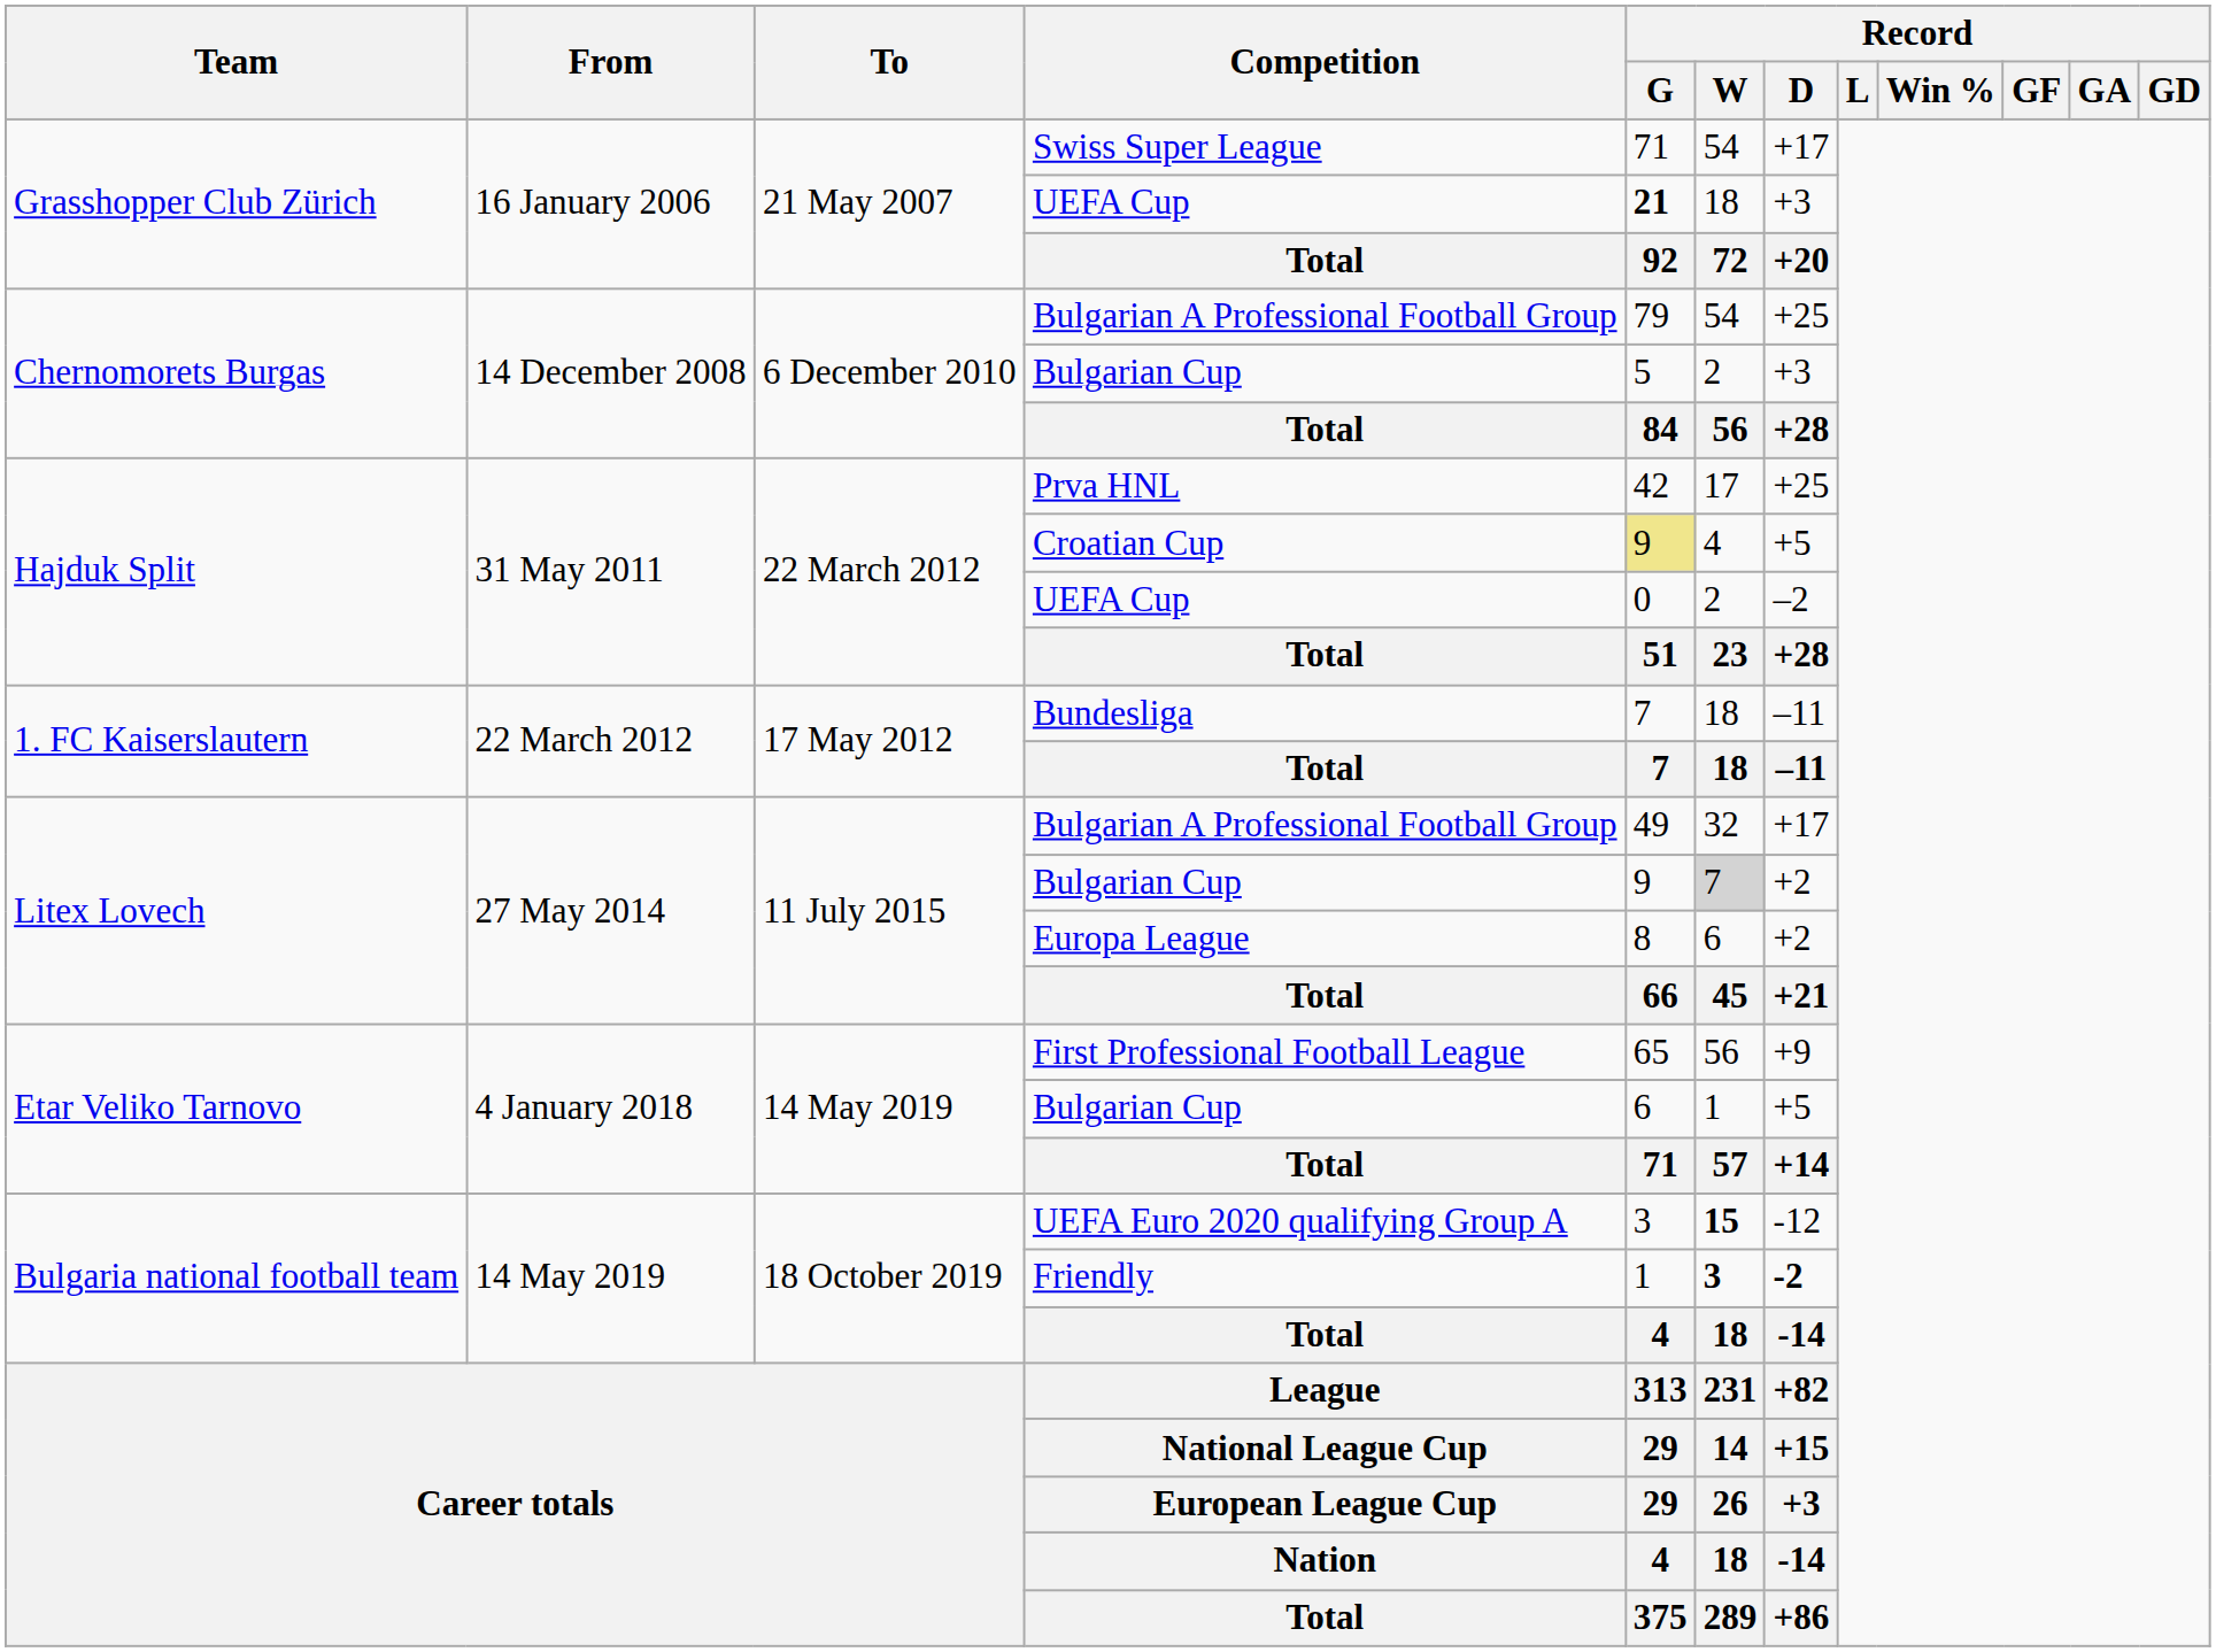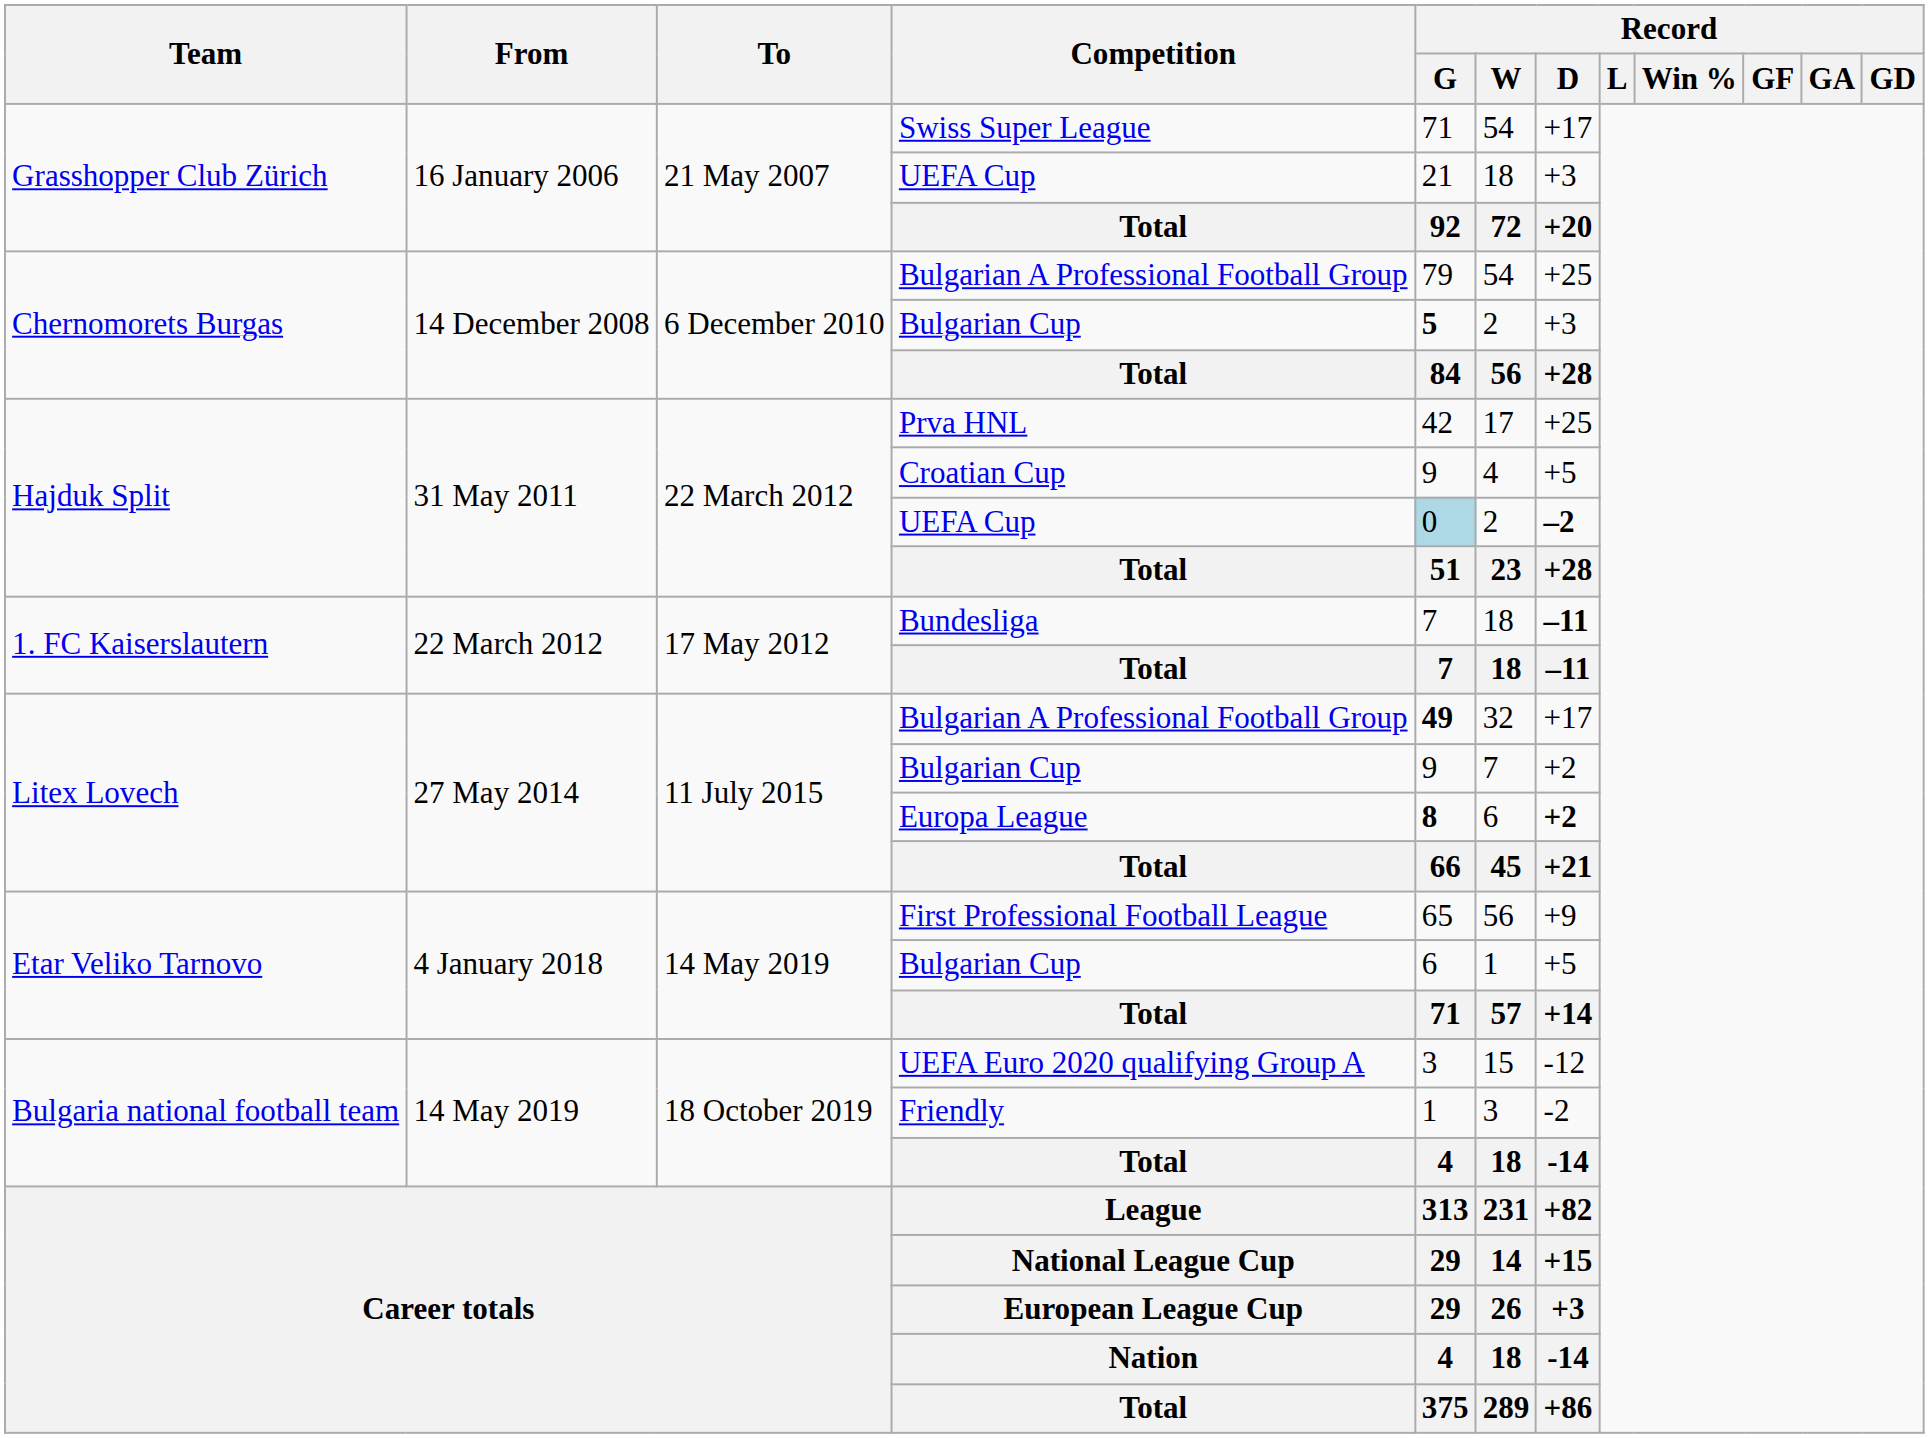 <table class="wikitable" style="text-align: center">
 <tr>
 <th rowspan="2">Team</th>
 <th rowspan="2">From</th>
 <th rowspan="2">To</th>
 <th rowspan="2">Competition</th>
 <th colspan="8">Record</th>
 </tr>
 <tr>
 <th>G</th>
 <th>W</th>
 <th>D</th>
 <th>L</th>
 <th>Win %</th>
 <th>GF</th>
 <th>GA</th>
 <th>GD</th>
 </tr>
 <tr>
 <td rowspan="3" align="left"><a href='#'>Grasshopper Club Zürich</a></td>
 <td rowspan="3" align="left">16 January 2006</td>
 <td rowspan="3" align="left">21 May 2007</td>
 <td align="left"><a href='#'>Swiss Super League</a><br></td>
 <td align="left">71</td>
 <td align="left">54</td>
 <td align="left">+17</td>
 </tr>
 <tr>
 <td align="left"><a href='#'>UEFA Cup</a><br></td>
-<td align="left"><strong>21</strong></td>
+<td align="left">21</td>
 <td align="left">18</td>
 <td align="left">+3</td>
 </tr>
 <tr>
 <th>Total<br></th>
 <th align="left">92</th>
 <th align="left">72</th>
 <th align="left">+20</th>
 </tr>
 <tr>
 <td rowspan="3" align="left"><a href='#'>Chernomorets Burgas</a></td>
 <td rowspan="3" align="left">14 December 2008</td>
 <td rowspan="3" align="left">6 December 2010</td>
 <td align="left"><a href='#'>Bulgarian A Professional Football Group</a><br></td>
 <td align="left">79</td>
 <td align="left">54</td>
 <td align="left">+25</td>
 </tr>
 <tr>
 <td align="left"><a href='#'>Bulgarian Cup</a><br></td>
-<td align="left">5</td>
+<td align="left"><strong>5</strong></td>
 <td align="left">2</td>
 <td align="left">+3</td>
 </tr>
 <tr>
 <th>Total<br></th>
 <th align="left">84</th>
 <th align="left">56</th>
 <th align="left">+28</th>
 </tr>
 <tr>
 <td rowspan="4" align="left"><a href='#'>Hajduk Split</a></td>
 <td rowspan="4" align="left">31 May 2011</td>
 <td rowspan="4" align="left">22 March 2012</td>
 <td align="left"><a href='#'>Prva HNL</a><br></td>
 <td align="left">42</td>
 <td align="left">17</td>
 <td align="left">+25</td>
 </tr>
 <tr>
 <td align="left"><a href='#'>Croatian Cup</a><br></td>
-<td align="left" style="background: khaki;">9</td>
+<td align="left">9</td>
 <td align="left">4</td>
 <td align="left">+5</td>
 </tr>
 <tr>
 <td align="left"><a href='#'>UEFA Cup</a><br></td>
-<td align="left">0</td>
+<td align="left" style="background: lightblue;">0</td>
 <td align="left">2</td>
-<td align="left">–2</td>
+<td align="left"><strong>–2</strong></td>
 </tr>
 <tr>
 <th>Total<br></th>
 <th align="left">51</th>
 <th align="left">23</th>
 <th align="left">+28</th>
 </tr>
 <tr>
 <td rowspan="2" align="left"><a href='#'>1. FC Kaiserslautern</a></td>
 <td rowspan="2" align="left">22 March 2012</td>
 <td rowspan="2" align="left">17 May 2012</td>
 <td align="left"><a href='#'>Bundesliga</a><br></td>
 <td align="left">7</td>
 <td align="left">18</td>
-<td align="left">–11</td>
+<td align="left"><strong>–11</strong></td>
 </tr>
 <tr>
 <th>Total<br></th>
 <th align="left">7</th>
 <th align="left">18</th>
 <th align="left">–11</th>
 </tr>
 <tr>
 <td rowspan="4" align="left"><a href='#'>Litex Lovech</a></td>
 <td rowspan="4" align="left">27 May 2014</td>
 <td rowspan="4" align="left">11 July 2015</td>
 <td align="left"><a href='#'>Bulgarian A Professional Football Group</a><br></td>
-<td align="left">49</td>
+<td align="left"><strong>49</strong></td>
 <td align="left">32</td>
 <td align="left">+17</td>
 </tr>
 <tr>
 <td align="left"><a href='#'>Bulgarian Cup</a><br></td>
 <td align="left">9</td>
-<td align="left" style="background: lightgrey;">7</td>
+<td align="left">7</td>
 <td align="left">+2</td>
 </tr>
 <tr>
 <td align="left"><a href='#'>Europa League</a><br></td>
-<td align="left">8</td>
+<td align="left"><strong>8</strong></td>
 <td align="left">6</td>
-<td align="left">+2</td>
+<td align="left"><strong>+2</strong></td>
 </tr>
 <tr>
 <th>Total<br></th>
 <th align="left">66</th>
 <th align="left">45</th>
 <th align="left">+21</th>
 </tr>
 <tr>
 <td rowspan="3" align="left"><a href='#'>Etar Veliko Tarnovo</a></td>
 <td rowspan="3" align="left">4 January 2018</td>
 <td rowspan="3" align="left">14 May 2019</td>
 <td align="left"><a href='#'>First Professional Football League</a><br></td>
 <td align="left">65</td>
 <td align="left">56</td>
 <td align="left">+9</td>
 </tr>
 <tr>
 <td align="left"><a href='#'>Bulgarian Cup</a><br></td>
 <td align="left">6</td>
 <td align="left">1</td>
 <td align="left">+5</td>
 </tr>
 <tr>
 <th>Total<br></th>
 <th align="left">71</th>
 <th align="left">57</th>
 <th align="left">+14</th>
 </tr>
 <tr>
 <td rowspan="3" align="left"><a href='#'>Bulgaria national football team</a></td>
 <td rowspan="3" align="left">14 May 2019</td>
 <td rowspan="3" align="left">18 October 2019</td>
 <td align="left"><a href='#'>UEFA Euro 2020 qualifying Group A</a><br></td>
 <td align="left">3</td>
-<td align="left"><strong>15</strong></td>
+<td align="left">15</td>
 <td align="left">-12</td>
 </tr>
 <tr>
 <td align="left"><a href='#'>Friendly</a><br></td>
 <td align="left">1</td>
-<td align="left"><strong>3</strong></td>
-<td align="left"><strong>-2</strong></td>
+<td align="left">3</td>
+<td align="left">-2</td>
 </tr>
 <tr>
 <th>Total<br></th>
 <th align="left">4</th>
 <th align="left">18</th>
 <th align="left">-14</th>
 </tr>
 <tr>
 <th rowspan="5" colspan="3">Career totals</th>
 <th>League<br></th>
 <th align="left">313</th>
 <th align="left">231</th>
 <th align="left">+82</th>
 </tr>
 <tr>
 <th>National League Cup<br></th>
 <th align="left">29</th>
 <th align="left">14</th>
 <th align="left">+15</th>
 </tr>
 <tr>
 <th>European League Cup<br></th>
 <th align="left">29</th>
 <th align="left">26</th>
 <th align="left">+3</th>
 </tr>
 <tr>
 <th>Nation<br></th>
 <th align="left">4</th>
 <th align="left">18</th>
 <th align="left">-14</th>
 </tr>
 <tr>
 <th>Total<br></th>
 <th align="left">375</th>
 <th align="left">289</th>
 <th align="left">+86</th>
 </tr>
 </table>
